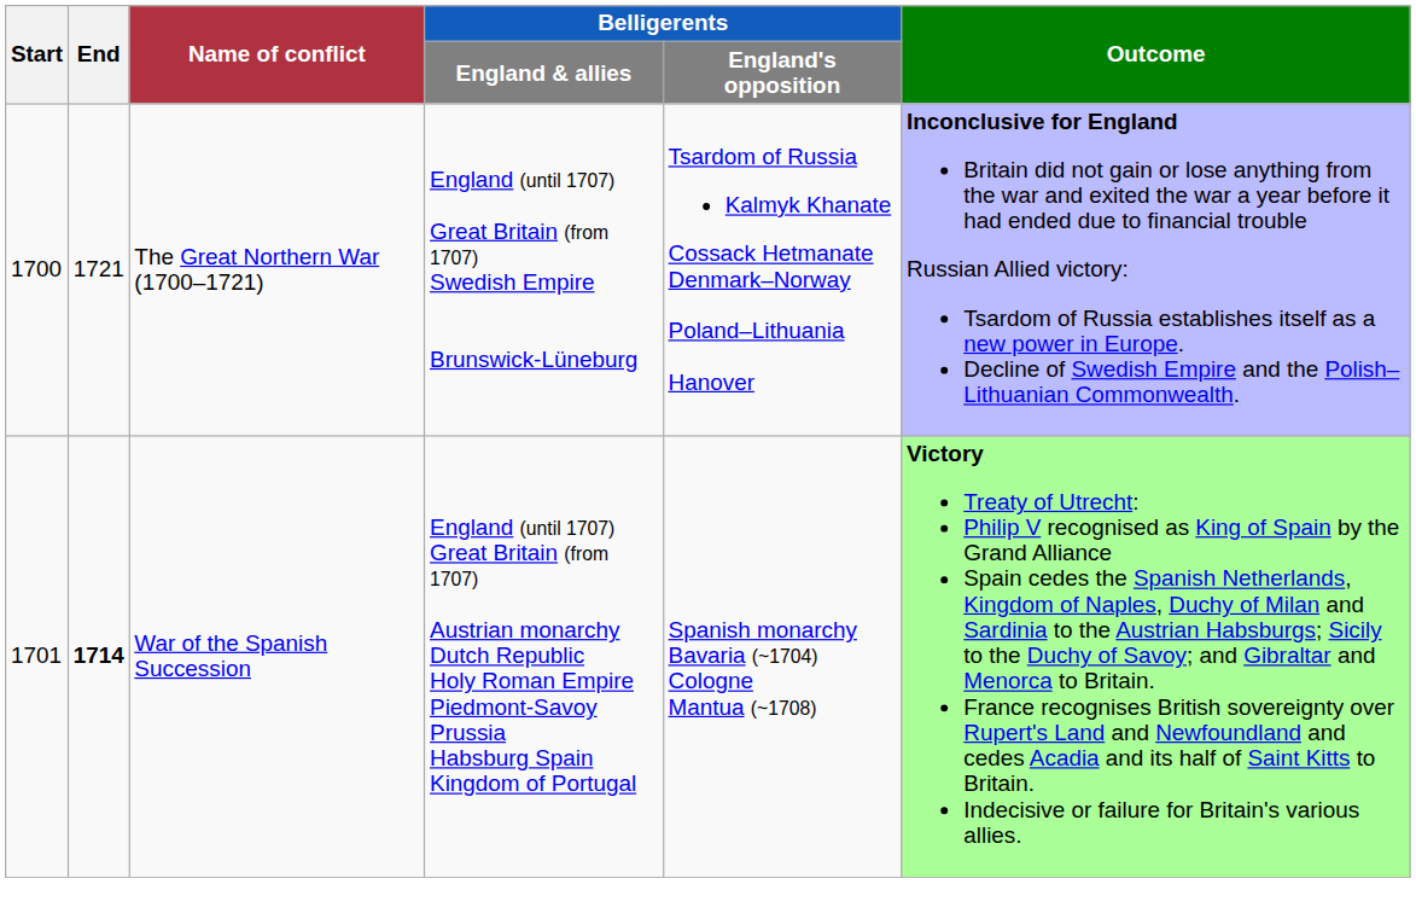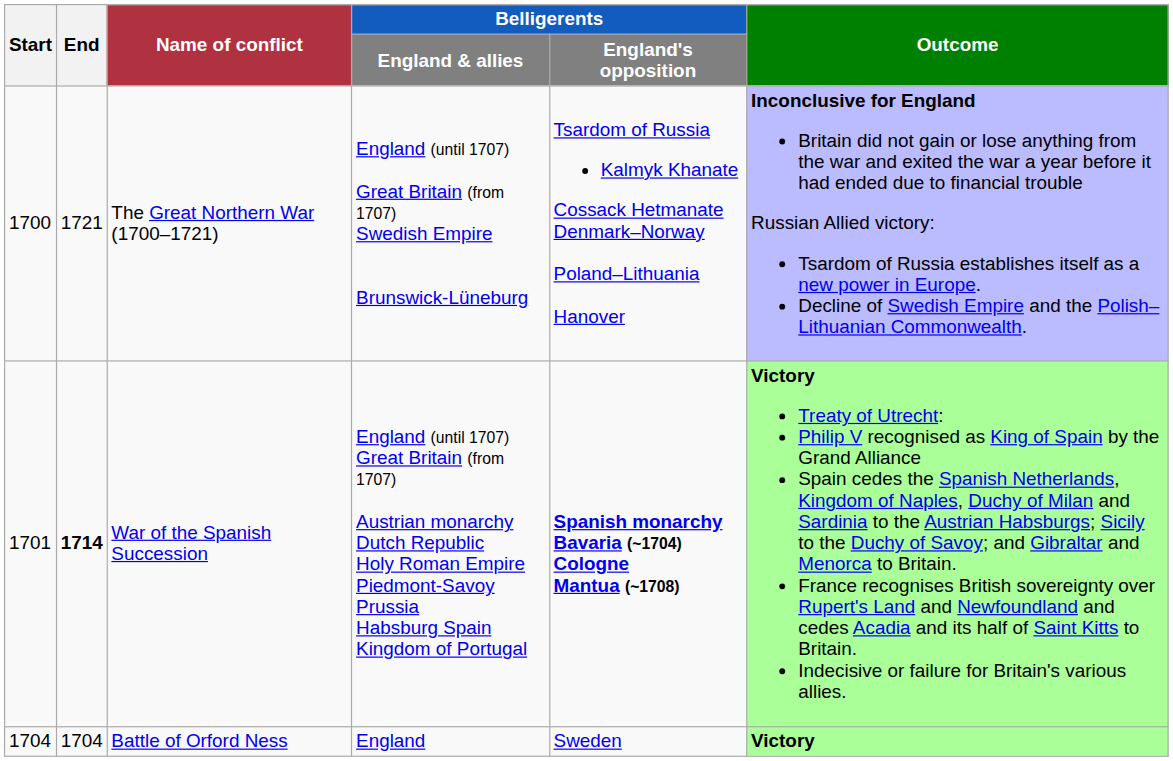 <table class="wikitable sortable">
 <tr>
 <th rowspan="2" width="25">Start</th>
 <th rowspan="2" width="25">End</th>
 <th style="color: white; background:#b0313f;" rowspan="2" width="200" class="unsortable">Name of conflict</th>
 <th style="color: white; background:#115cbc;" colspan="2" class="unsortable">Belligerents</th>
 <th style="color: white; background:green;" rowspan="2" width="350" class="unsortable">Outcome</th>
 </tr>
 <tr>
 <th style="color: white; background:gray;" width="160" class="unsortable">England & allies</th>
 <th style="color: white; background:gray;" width="160" class="unsortable">England's opposition</th>
 </tr>
 <tr>
 <td>1700</td>
 <td>1721</td>
 <td>The <a href='#'>Great Northern War</a><br>(1700–1721)</td>
 <td> <a href='#'>England</a> <small>(until 1707)</small><br><br> <a href='#'>Great Britain</a> <small>(from 1707)</small><br> <a href='#'>Swedish Empire</a><br> <br> <br>  <a href='#'>Brunswick-Lüneburg</a></td>
 <td> <a href='#'>Tsardom of Russia</a><br><ul><li><a href='#'>Kalmyk Khanate</a></li></ul> <a href='#'>Cossack Hetmanate</a><br>  <a href='#'>Denmark–Norway</a><br> <br>  <a href='#'>Poland–Lithuania</a><br> <br>  <a href='#'>Hanover</a></td>
 <td style="Background:#BBF"><strong>Inconclusive for England</strong><br><ul><li>Britain did not gain or lose anything from the war and exited the war a year before it had ended due to financial trouble</li></ul>Russian Allied victory:<ul><li>Tsardom of Russia establishes itself as a <a href='#'>new power in Europe</a>.</li><li>Decline of <a href='#'>Swedish Empire</a> and the <a href='#'>Polish–Lithuanian Commonwealth</a>.</li></ul></td>
 </tr>
 <tr>
 <td>1701</td>
 <td><strong>1714</strong></td>
 <td><a href='#'>War of the Spanish Succession</a></td>
 <td> <a href='#'>England</a> <small>(until 1707)</small><br> <a href='#'>Great Britain</a> <small>(from 1707)</small><br><br> <a href='#'>Austrian monarchy</a><br> <a href='#'>Dutch Republic</a><br> <a href='#'>Holy Roman Empire</a><br> <a href='#'>Piedmont-Savoy</a><br> <a href='#'>Prussia</a><br> <a href='#'>Habsburg Spain</a><br><a href='#'>Kingdom of Portugal</a></td>
-<td><br> <a href='#'>Spanish monarchy</a><br> <a href='#'>Bavaria</a> <small>(~1704)</small><br> <a href='#'>Cologne</a><br> <a href='#'>Mantua</a> <small>(~1708)</small></td>
+<td><strong><br> <a href='#'>Spanish monarchy</a><br> <a href='#'>Bavaria</a> <small>(~1704)</small><br> <a href='#'>Cologne</a><br> <a href='#'>Mantua</a> <small>(~1708)</small></strong></td>
 <td style="Background:#AF9"><strong>Victory</strong><br><ul><li><a href='#'>Treaty of Utrecht</a>:</li><li><a href='#'>Philip V</a> recognised as <a href='#'>King of Spain</a> by the Grand Alliance</li><li>Spain cedes the <a href='#'>Spanish Netherlands</a>, <a href='#'>Kingdom of Naples</a>, <a href='#'>Duchy of Milan</a> and <a href='#'>Sardinia</a> to the <a href='#'>Austrian Habsburgs</a>; <a href='#'>Sicily</a> to the <a href='#'>Duchy of Savoy</a>; and <a href='#'>Gibraltar</a> and <a href='#'>Menorca</a> to Britain.</li><li>France recognises British sovereignty over <a href='#'>Rupert's Land</a> and <a href='#'>Newfoundland</a> and cedes <a href='#'>Acadia</a> and its half of <a href='#'>Saint Kitts</a> to Britain.</li><li>Indecisive or failure for Britain's various allies.</li></ul></td>
 </tr>
+<tr>
+<td>1704</td>
+<td>1704</td>
+<td><a href='#'>Battle of Orford Ness</a></td>
+<td> <a href='#'>England</a></td>
+<td> <a href='#'>Sweden</a></td>
+<td style="Background:#AF9"><strong>Victory</strong></td>
+</tr>
 </table>
